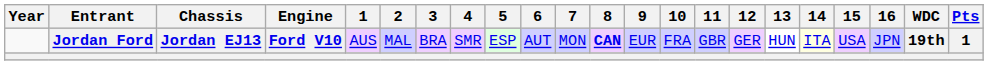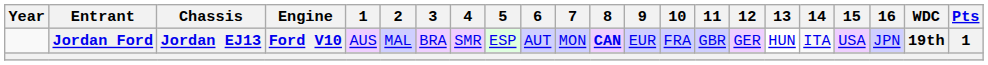 <table class="wikitable" style="text-align:center; font-size:85%">
 <tr>
 <th>Year</th>
 <th>Entrant</th>
 <th>Chassis</th>
 <th>Engine</th>
 <th>1</th>
 <th>2</th>
 <th>3</th>
 <th>4</th>
 <th>5</th>
 <th>6</th>
 <th>7</th>
 <th>8</th>
 <th>9</th>
 <th>10</th>
 <th>11</th>
 <th>12</th>
 <th>13</th>
 <th>14</th>
 <th>15</th>
 <th>16</th>
 <th>WDC</th>
 <th><a href='#'>Pts</a></th>
 </tr>
 <tr>
 <td></td>
 <th nowrap><a href='#'>Jordan Ford</a></th>
 <th nowrap><a href='#'>Jordan</a> <a href='#'>EJ13</a></th>
 <th nowrap><a href='#'>Ford</a> <a href='#'>V10</a></th>
 <td style="background:#EFCFFF;"><a href='#'>AUS</a><br></td>
 <td style="background:#CFCFFF;"><a href='#'>MAL</a><br></td>
 <td style="background:#EFCFFF;"><a href='#'>BRA</a><br></td>
 <td style="background:#EFCFFF;"><a href='#'>SMR</a><br></td>
 <td style="background:#DFFFDF;"><a href='#'>ESP</a><br></td>
 <td style="background:#CFCFFF;"><a href='#'>AUT</a><br></td>
 <td style="background:#CFCFFF;"><a href='#'>MON</a><br></td>
 <td style="background:#EFCFFF;"><strong><a href='#'>CAN</a><br></strong></td>
 <td style="background:#CFCFFF;"><a href='#'>EUR</a><br></td>
 <td style="background:#CFCFFF;"><a href='#'>FRA</a><br></td>
 <td style="background:#CFCFFF;"><a href='#'>GBR</a><br></td>
 <td style="background:#EFCFFF;"><a href='#'>GER</a><br></td>
 <td style="background:#FFFFFF;"><a href='#'>HUN</a><br></td>
-<td style="background: lightyellow;"><a href='#'>ITA</a></td>
+<td><a href='#'>ITA</a></td>
 <td style="background:#EFCFFF;"><a href='#'>USA</a><br></td>
 <td style="background:#CFCFFF;"><a href='#'>JPN</a><br></td>
 <th>19th</th>
 <th>1</th>
 </tr>
 <tr>
 <th colspan="22"></th>
 </tr>
 </table>
